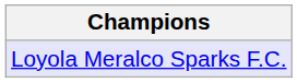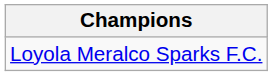 <table class="wikitable" style="text-align:center; margin:auto;">
 <tr>
 <th>Champions</th>
 </tr>
 <tr>
-<td style="background: lavender;"><a href='#'>Loyola Meralco Sparks F.C.</a></td>
+<td><a href='#'>Loyola Meralco Sparks F.C.</a></td>
 </tr>
 </table>
